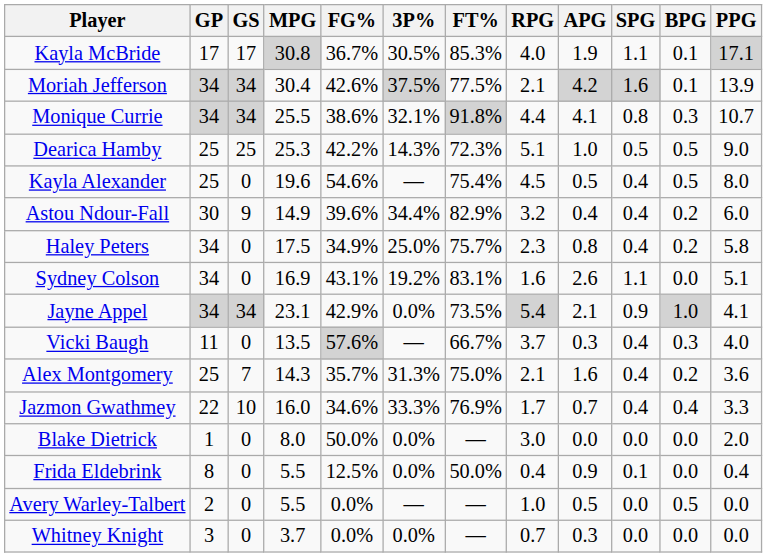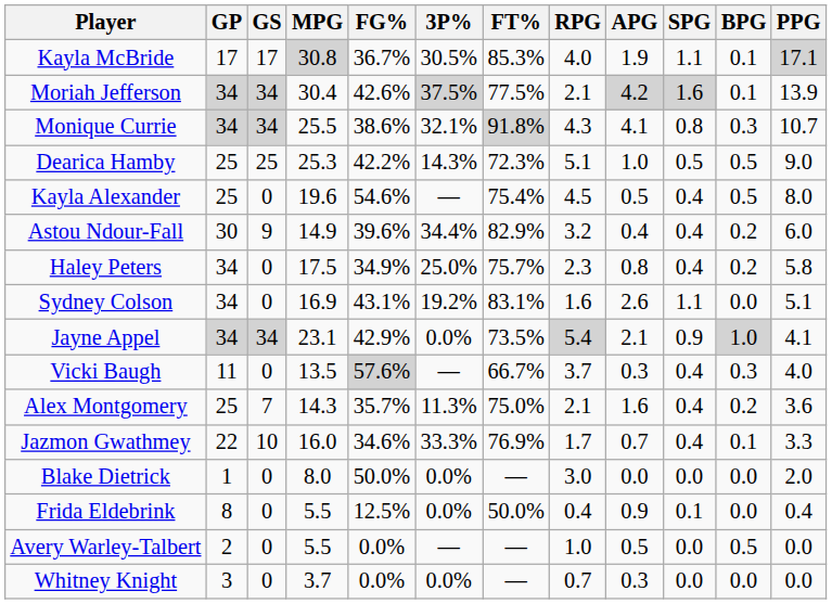 <table class="wikitable sortable" style="text-align:center;">
 <tr>
 <th>Player</th>
 <th>GP</th>
 <th>GS</th>
 <th>MPG</th>
 <th>FG%</th>
 <th>3P%</th>
 <th>FT%</th>
 <th>RPG</th>
 <th>APG</th>
 <th>SPG</th>
 <th>BPG</th>
 <th>PPG</th>
 </tr>
 <tr>
 <td><a href='#'>Kayla McBride</a></td>
 <td>17</td>
 <td>17</td>
 <td style="background:#D3D3D3;">30.8</td>
 <td>36.7%</td>
 <td>30.5%</td>
 <td>85.3%</td>
 <td>4.0</td>
 <td>1.9</td>
 <td>1.1</td>
 <td>0.1</td>
 <td style="background:#D3D3D3;">17.1</td>
 </tr>
 <tr>
 <td><a href='#'>Moriah Jefferson</a></td>
 <td style="background:#D3D3D3;">34</td>
 <td style="background:#D3D3D3;">34</td>
 <td>30.4</td>
 <td>42.6%</td>
 <td style="background:#D3D3D3;">37.5%</td>
 <td>77.5%</td>
 <td>2.1</td>
 <td style="background:#D3D3D3;">4.2</td>
 <td style="background:#D3D3D3;">1.6</td>
 <td>0.1</td>
 <td>13.9</td>
 </tr>
 <tr>
 <td><a href='#'>Monique Currie</a></td>
 <td style="background:#D3D3D3;">34</td>
 <td style="background:#D3D3D3;">34</td>
 <td>25.5</td>
 <td>38.6%</td>
 <td>32.1%</td>
 <td style="background:#D3D3D3;">91.8%</td>
-<td>4.4</td>
+<td>4.3</td>
 <td>4.1</td>
 <td>0.8</td>
 <td>0.3</td>
 <td>10.7</td>
 </tr>
 <tr>
 <td><a href='#'>Dearica Hamby</a></td>
 <td>25</td>
 <td>25</td>
 <td>25.3</td>
 <td>42.2%</td>
 <td>14.3%</td>
 <td>72.3%</td>
 <td>5.1</td>
 <td>1.0</td>
 <td>0.5</td>
 <td>0.5</td>
 <td>9.0</td>
 </tr>
 <tr>
 <td><a href='#'>Kayla Alexander</a></td>
 <td>25</td>
 <td>0</td>
 <td>19.6</td>
 <td>54.6%</td>
 <td>—</td>
 <td>75.4%</td>
 <td>4.5</td>
 <td>0.5</td>
 <td>0.4</td>
 <td>0.5</td>
 <td>8.0</td>
 </tr>
 <tr>
 <td><a href='#'>Astou Ndour-Fall</a></td>
 <td>30</td>
 <td>9</td>
 <td>14.9</td>
 <td>39.6%</td>
 <td>34.4%</td>
 <td>82.9%</td>
 <td>3.2</td>
 <td>0.4</td>
 <td>0.4</td>
 <td>0.2</td>
 <td>6.0</td>
 </tr>
 <tr>
 <td><a href='#'>Haley Peters</a></td>
 <td>34</td>
 <td>0</td>
 <td>17.5</td>
 <td>34.9%</td>
 <td>25.0%</td>
 <td>75.7%</td>
 <td>2.3</td>
 <td>0.8</td>
 <td>0.4</td>
 <td>0.2</td>
 <td>5.8</td>
 </tr>
 <tr>
 <td><a href='#'>Sydney Colson</a></td>
 <td>34</td>
 <td>0</td>
 <td>16.9</td>
 <td>43.1%</td>
 <td>19.2%</td>
 <td>83.1%</td>
 <td>1.6</td>
 <td>2.6</td>
 <td>1.1</td>
 <td>0.0</td>
 <td>5.1</td>
 </tr>
 <tr>
 <td><a href='#'>Jayne Appel</a></td>
 <td style="background:#D3D3D3;">34</td>
 <td style="background:#D3D3D3;">34</td>
 <td>23.1</td>
 <td>42.9%</td>
 <td>0.0%</td>
 <td>73.5%</td>
 <td style="background:#D3D3D3;">5.4</td>
 <td>2.1</td>
 <td>0.9</td>
 <td style="background:#D3D3D3;">1.0</td>
 <td>4.1</td>
 </tr>
 <tr>
 <td><a href='#'>Vicki Baugh</a></td>
 <td>11</td>
 <td>0</td>
 <td>13.5</td>
 <td style="background:#D3D3D3;">57.6%</td>
 <td>—</td>
 <td>66.7%</td>
 <td>3.7</td>
 <td>0.3</td>
 <td>0.4</td>
 <td>0.3</td>
 <td>4.0</td>
 </tr>
 <tr>
 <td><a href='#'>Alex Montgomery</a></td>
 <td>25</td>
 <td>7</td>
 <td>14.3</td>
 <td>35.7%</td>
-<td>31.3%</td>
+<td>11.3%</td>
 <td>75.0%</td>
 <td>2.1</td>
 <td>1.6</td>
 <td>0.4</td>
 <td>0.2</td>
 <td>3.6</td>
 </tr>
 <tr>
 <td><a href='#'>Jazmon Gwathmey</a></td>
 <td>22</td>
 <td>10</td>
 <td>16.0</td>
 <td>34.6%</td>
 <td>33.3%</td>
 <td>76.9%</td>
 <td>1.7</td>
 <td>0.7</td>
 <td>0.4</td>
-<td>0.4</td>
+<td>0.1</td>
 <td>3.3</td>
 </tr>
 <tr>
 <td><a href='#'>Blake Dietrick</a></td>
 <td>1</td>
 <td>0</td>
 <td>8.0</td>
 <td>50.0%</td>
 <td>0.0%</td>
 <td>—</td>
 <td>3.0</td>
 <td>0.0</td>
 <td>0.0</td>
 <td>0.0</td>
 <td>2.0</td>
 </tr>
 <tr>
 <td><a href='#'>Frida Eldebrink</a></td>
 <td>8</td>
 <td>0</td>
 <td>5.5</td>
 <td>12.5%</td>
 <td>0.0%</td>
 <td>50.0%</td>
 <td>0.4</td>
 <td>0.9</td>
 <td>0.1</td>
 <td>0.0</td>
 <td>0.4</td>
 </tr>
 <tr>
 <td><a href='#'>Avery Warley-Talbert</a></td>
 <td>2</td>
 <td>0</td>
 <td>5.5</td>
 <td>0.0%</td>
 <td>—</td>
 <td>—</td>
 <td>1.0</td>
 <td>0.5</td>
 <td>0.0</td>
 <td>0.5</td>
 <td>0.0</td>
 </tr>
 <tr>
 <td><a href='#'>Whitney Knight</a></td>
 <td>3</td>
 <td>0</td>
 <td>3.7</td>
 <td>0.0%</td>
 <td>0.0%</td>
 <td>—</td>
 <td>0.7</td>
 <td>0.3</td>
 <td>0.0</td>
 <td>0.0</td>
 <td>0.0</td>
 </tr>
 </table>
